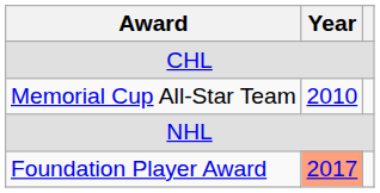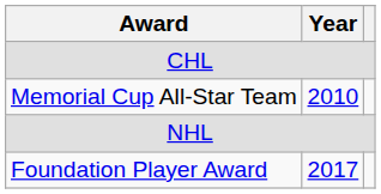 <table class="wikitable">
 <tr>
 <th>Award</th>
 <th>Year</th>
 <th></th>
 </tr>
 <tr ALIGN="center" bgcolor="#e0e0e0">
 <td colspan="3"><a href='#'>CHL</a></td>
 </tr>
 <tr>
 <td><a href='#'>Memorial Cup</a> All-Star Team</td>
 <td><a href='#'>2010</a></td>
 <td></td>
 </tr>
 <tr ALIGN="center" bgcolor="#e0e0e0">
 <td colspan="3"><a href='#'>NHL</a></td>
 </tr>
 <tr>
 <td><a href='#'>Foundation Player Award</a></td>
-<td style="background: lightsalmon;"><a href='#'>2017</a></td>
+<td><a href='#'>2017</a></td>
 <td></td>
 </tr>
 </table>
